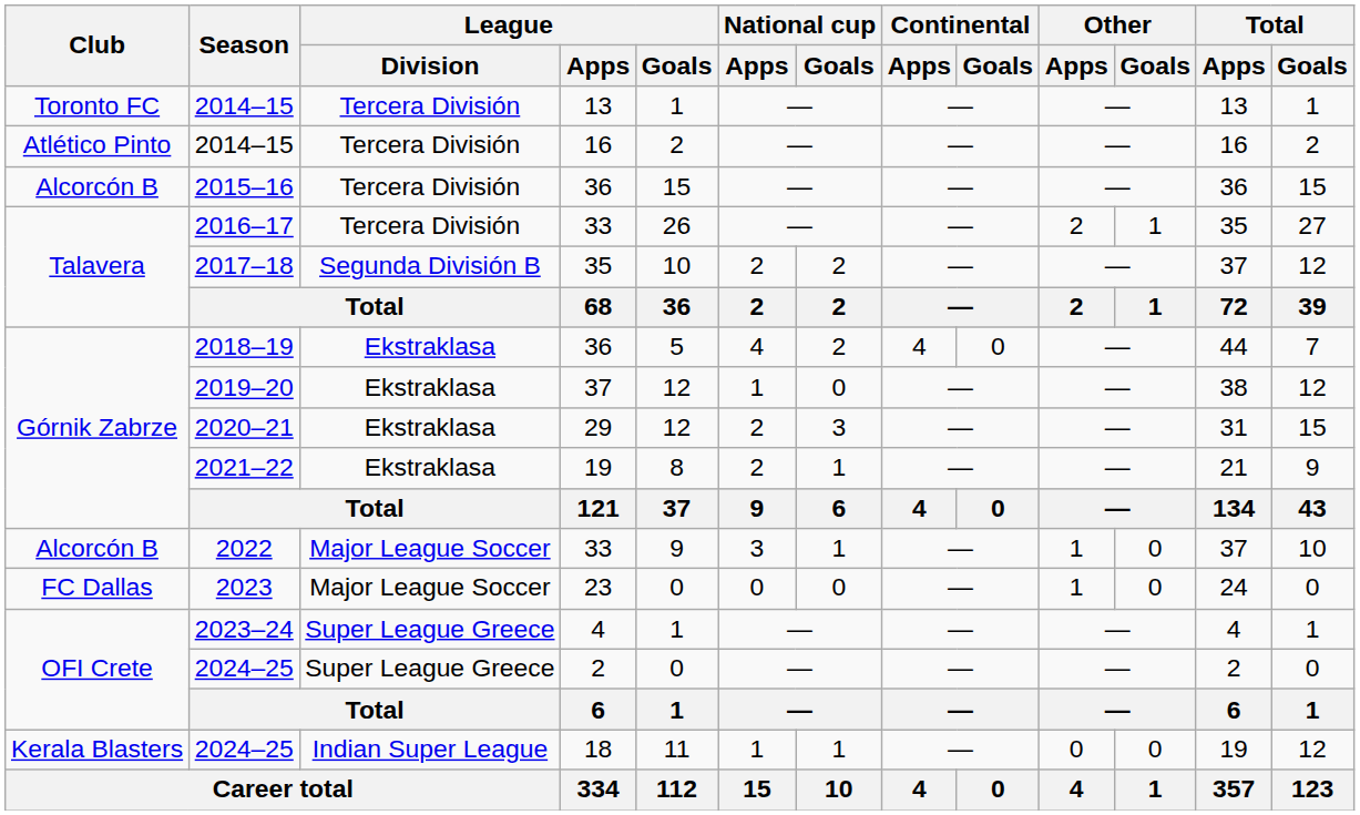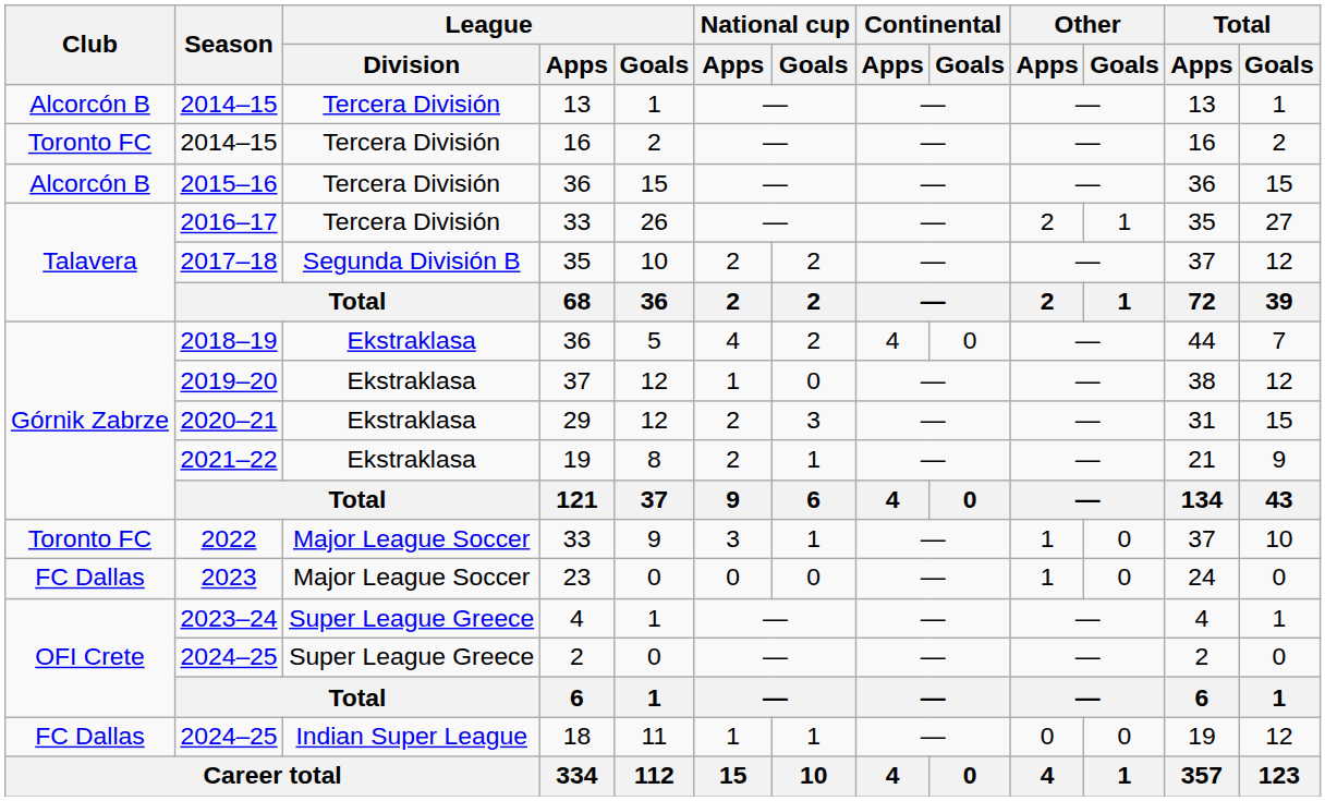 <table class="wikitable" style="text-align:center">
 <tr>
 <th rowspan="2">Club</th>
 <th rowspan="2">Season</th>
 <th colspan="3">League</th>
 <th colspan="2">National cup</th>
 <th colspan="2">Continental</th>
 <th colspan="2">Other</th>
 <th colspan="2">Total</th>
 </tr>
 <tr>
 <th>Division</th>
 <th>Apps</th>
 <th>Goals</th>
 <th>Apps</th>
 <th>Goals</th>
 <th>Apps</th>
 <th>Goals</th>
 <th>Apps</th>
 <th>Goals</th>
 <th>Apps</th>
 <th>Goals</th>
 </tr>
 <tr>
-<td><a href='#'>Toronto FC</a></td>
+<td><a href='#'>Alcorcón B</a></td>
 <td><a href='#'>2014–15</a></td>
 <td><a href='#'>Tercera División</a></td>
 <td>13</td>
 <td>1</td>
 <td colspan="2">—</td>
 <td colspan="2">—</td>
 <td colspan="2">—</td>
 <td>13</td>
 <td>1</td>
 </tr>
 <tr>
-<td><a href='#'>Atlético Pinto</a></td>
+<td><a href='#'>Toronto FC</a></td>
 <td>2014–15</td>
 <td>Tercera División</td>
 <td>16</td>
 <td>2</td>
 <td colspan="2">—</td>
 <td colspan="2">—</td>
 <td colspan="2">—</td>
 <td>16</td>
 <td>2</td>
 </tr>
 <tr>
 <td><a href='#'>Alcorcón B</a></td>
 <td><a href='#'>2015–16</a></td>
 <td>Tercera División</td>
 <td>36</td>
 <td>15</td>
 <td colspan="2">—</td>
 <td colspan="2">—</td>
 <td colspan="2">—</td>
 <td>36</td>
 <td>15</td>
 </tr>
 <tr>
 <td rowspan="3"><a href='#'>Talavera</a></td>
 <td><a href='#'>2016–17</a></td>
 <td>Tercera División</td>
 <td>33</td>
 <td>26</td>
 <td colspan="2">—</td>
 <td colspan="2">—</td>
 <td>2</td>
 <td>1</td>
 <td>35</td>
 <td>27</td>
 </tr>
 <tr>
 <td><a href='#'>2017–18</a></td>
 <td><a href='#'>Segunda División B</a></td>
 <td>35</td>
 <td>10</td>
 <td>2</td>
 <td>2</td>
 <td colspan="2">—</td>
 <td colspan="2">—</td>
 <td>37</td>
 <td>12</td>
 </tr>
 <tr>
 <th colspan="2">Total</th>
 <th>68</th>
 <th>36</th>
 <th>2</th>
 <th>2</th>
 <th colspan="2">—</th>
 <th>2</th>
 <th>1</th>
 <th>72</th>
 <th>39</th>
 </tr>
 <tr>
 <td rowspan="5"><a href='#'>Górnik Zabrze</a></td>
 <td><a href='#'>2018–19</a></td>
 <td><a href='#'>Ekstraklasa</a></td>
 <td>36</td>
 <td>5</td>
 <td>4</td>
 <td>2</td>
 <td>4</td>
 <td>0</td>
 <td colspan="2">—</td>
 <td>44</td>
 <td>7</td>
 </tr>
 <tr>
 <td><a href='#'>2019–20</a></td>
 <td>Ekstraklasa</td>
 <td>37</td>
 <td>12</td>
 <td>1</td>
 <td>0</td>
 <td colspan="2">—</td>
 <td colspan="2">—</td>
 <td>38</td>
 <td>12</td>
 </tr>
 <tr>
 <td><a href='#'>2020–21</a></td>
 <td>Ekstraklasa</td>
 <td>29</td>
 <td>12</td>
 <td>2</td>
 <td>3</td>
 <td colspan="2">—</td>
 <td colspan="2">—</td>
 <td>31</td>
 <td>15</td>
 </tr>
 <tr>
 <td><a href='#'>2021–22</a></td>
 <td>Ekstraklasa</td>
 <td>19</td>
 <td>8</td>
 <td>2</td>
 <td>1</td>
 <td colspan="2">—</td>
 <td colspan="2">—</td>
 <td>21</td>
 <td>9</td>
 </tr>
 <tr>
 <th colspan="2">Total</th>
 <th>121</th>
 <th>37</th>
 <th>9</th>
 <th>6</th>
 <th>4</th>
 <th>0</th>
 <th colspan="2">—</th>
 <th>134</th>
 <th>43</th>
 </tr>
 <tr>
-<td><a href='#'>Alcorcón B</a></td>
+<td><a href='#'>Toronto FC</a></td>
 <td><a href='#'>2022</a></td>
 <td><a href='#'>Major League Soccer</a></td>
 <td>33</td>
 <td>9</td>
 <td>3</td>
 <td>1</td>
 <td colspan="2">—</td>
 <td>1</td>
 <td>0</td>
 <td>37</td>
 <td>10</td>
 </tr>
 <tr>
 <td><a href='#'>FC Dallas</a></td>
 <td><a href='#'>2023</a></td>
 <td>Major League Soccer</td>
 <td>23</td>
 <td>0</td>
 <td>0</td>
 <td>0</td>
 <td colspan="2">—</td>
 <td>1</td>
 <td>0</td>
 <td>24</td>
 <td>0</td>
 </tr>
 <tr>
 <td rowspan="3"><a href='#'>OFI Crete</a></td>
 <td><a href='#'>2023–24</a></td>
 <td><a href='#'>Super League Greece</a></td>
 <td>4</td>
 <td>1</td>
 <td colspan="2">—</td>
 <td colspan="2">—</td>
 <td colspan="2">—</td>
 <td>4</td>
 <td>1</td>
 </tr>
 <tr>
 <td><a href='#'>2024–25</a></td>
 <td>Super League Greece</td>
 <td>2</td>
 <td>0</td>
 <td colspan="2">—</td>
 <td colspan="2">—</td>
 <td colspan="2">—</td>
 <td>2</td>
 <td>0</td>
 </tr>
 <tr>
 <th colspan="2">Total</th>
 <th>6</th>
 <th>1</th>
 <th colspan="2">—</th>
 <th colspan="2">—</th>
 <th colspan="2">—</th>
 <th>6</th>
 <th>1</th>
 </tr>
 <tr>
-<td><a href='#'>Kerala Blasters</a></td>
+<td><a href='#'>FC Dallas</a></td>
 <td><a href='#'>2024–25</a></td>
 <td><a href='#'>Indian Super League</a></td>
 <td>18</td>
 <td>11</td>
 <td>1</td>
 <td>1</td>
 <td colspan="2">—</td>
 <td>0</td>
 <td>0</td>
 <td>19</td>
 <td>12</td>
 </tr>
 <tr>
 <th colspan="3">Career total</th>
 <th>334</th>
 <th>112</th>
 <th>15</th>
 <th>10</th>
 <th>4</th>
 <th>0</th>
 <th>4</th>
 <th>1</th>
 <th>357</th>
 <th>123</th>
 </tr>
 </table>
